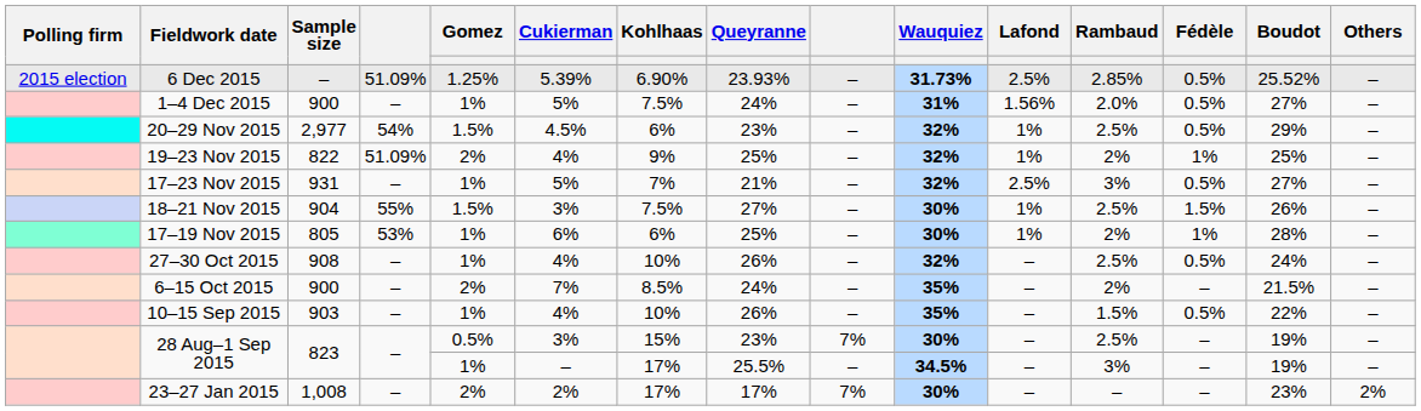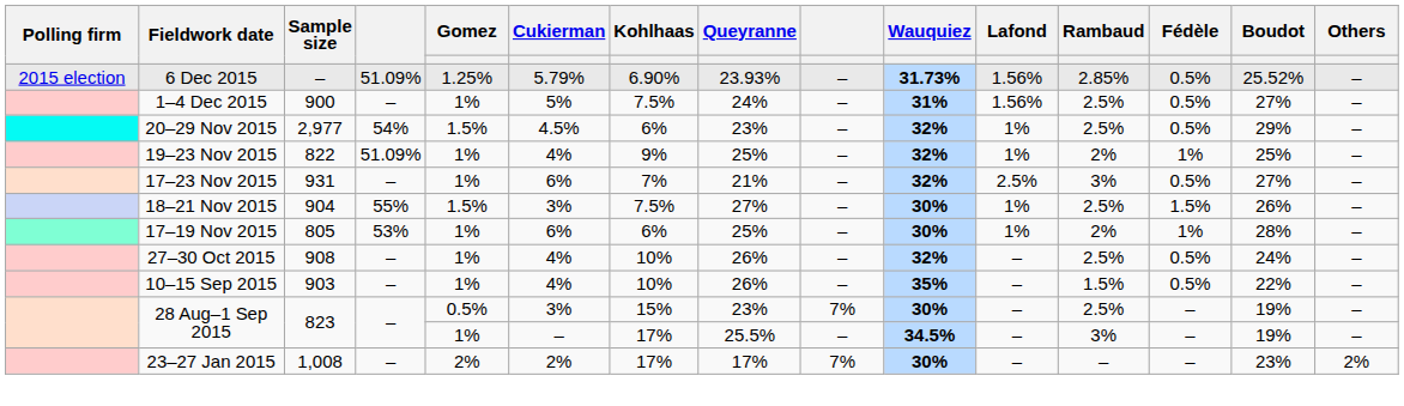 <table class="wikitable sortable" style="text-align:center;font-size:90%;line-height:14px;">
 <tr style="height:40px;">
 <th style="width:100px;" rowspan="2">Polling firm</th>
 <th style="width:110px;" rowspan="2">Fieldwork date</th>
 <th style="width:35px;" rowspan="2">Sample<br>size</th>
 <th style="width:30px;" rowspan="2"></th>
 <th class="unsortable" style="width:60px;">Gomez<br></th>
 <th class="unsortable" style="width:60px;"><a href='#'>Cukierman</a><br></th>
 <th class="unsortable" style="width:60px;">Kohlhaas<br></th>
 <th class="unsortable" style="width:60px;"><a href='#'>Queyranne</a><br></th>
 <th class="unsortable" style="width:60px;"></th>
 <th class="unsortable" style="width:60px;"><a href='#'>Wauquiez</a><br></th>
 <th class="unsortable" style="width:60px;">Lafond<br></th>
 <th class="unsortable" style="width:60px;">Rambaud<br></th>
 <th class="unsortable" style="width:60px;">Fédèle<br></th>
 <th class="unsortable" style="width:60px;">Boudot<br></th>
 <th class="unsortable" style="width:60px;">Others</th>
 </tr>
 <tr>
 <th style="background:"></th>
 <th style="background:"></th>
 <th style="background:"></th>
 <th style="background:"></th>
 <th style="background:"></th>
 <th style="background:"></th>
 <th style="background:"></th>
 <th style="background:"></th>
 <th style="background:"></th>
 <th style="background:"></th>
 <th style="background:"></th>
 </tr>
 <tr style="background:#E9E9E9;">
 <td><a href='#'>2015 election</a></td>
 <td data-sort-value="2015-12-06">6 Dec 2015</td>
 <td>–</td>
 <td>51.09%</td>
 <td>1.25%</td>
-<td>5.39%</td>
+<td>5.79%</td>
 <td>6.90%</td>
 <td>23.93%</td>
 <td>–</td>
 <td style="background:#B9DAFF;"><strong>31.73%</strong></td>
-<td>2.5%</td>
+<td>1.56%</td>
 <td>2.85%</td>
 <td>0.5%</td>
 <td>25.52%</td>
 <td>–</td>
 </tr>
 <tr>
 <td style="background:#FFCCCC;"></td>
 <td data-sort-value="2015-12-04">1–4 Dec 2015</td>
 <td>900</td>
 <td>–</td>
 <td>1%</td>
 <td>5%</td>
 <td>7.5%</td>
 <td>24%</td>
 <td>–</td>
 <td style="background:#B9DAFF;"><strong>31%</strong></td>
 <td>1.56%</td>
-<td>2.0%</td>
+<td>2.5%</td>
 <td>0.5%</td>
 <td>27%</td>
 <td>–</td>
 </tr>
 <tr>
 <td style="background:#04FBF4;"></td>
 <td data-sort-value="2015-11-29">20–29 Nov 2015</td>
 <td>2,977</td>
 <td>54%</td>
 <td>1.5%</td>
 <td>4.5%</td>
 <td>6%</td>
 <td>23%</td>
 <td>–</td>
 <td style="background:#B9DAFF;"><strong>32%</strong></td>
 <td>1%</td>
 <td>2.5%</td>
 <td>0.5%</td>
 <td>29%</td>
 <td>–</td>
 </tr>
 <tr>
 <td style="background:#FFCCCC;"></td>
 <td data-sort-value="2015-11-23">19–23 Nov 2015</td>
 <td>822</td>
 <td>51.09%</td>
-<td>2%</td>
+<td>1%</td>
 <td>4%</td>
 <td>9%</td>
 <td>25%</td>
 <td>–</td>
 <td style="background:#B9DAFF;"><strong>32%</strong></td>
 <td>1%</td>
 <td>2%</td>
 <td>1%</td>
 <td>25%</td>
 <td>–</td>
 </tr>
 <tr>
 <td style="background:#FFDFCC;"></td>
 <td data-sort-value="2015-11-23">17–23 Nov 2015</td>
 <td>931</td>
 <td>–</td>
 <td>1%</td>
-<td>5%</td>
+<td>6%</td>
 <td>7%</td>
 <td>21%</td>
 <td>–</td>
 <td style="background:#B9DAFF;"><strong>32%</strong></td>
 <td>2.5%</td>
 <td>3%</td>
 <td>0.5%</td>
 <td>27%</td>
 <td>–</td>
 </tr>
 <tr>
 <td style="background:#CAD5F7;"></td>
 <td data-sort-value="2015-11-21">18–21 Nov 2015</td>
 <td>904</td>
 <td>55%</td>
 <td>1.5%</td>
 <td>3%</td>
 <td>7.5%</td>
 <td>27%</td>
 <td>–</td>
 <td style="background:#B9DAFF;"><strong>30%</strong></td>
 <td>1%</td>
 <td>2.5%</td>
 <td>1.5%</td>
 <td>26%</td>
 <td>–</td>
 </tr>
 <tr>
 <td style="background:aquamarine;"></td>
 <td data-sort-value="2015-11-19">17–19 Nov 2015</td>
 <td>805</td>
 <td>53%</td>
 <td>1%</td>
 <td>6%</td>
 <td>6%</td>
 <td>25%</td>
 <td>–</td>
 <td style="background:#B9DAFF;"><strong>30%</strong></td>
 <td>1%</td>
 <td>2%</td>
 <td>1%</td>
 <td>28%</td>
 <td>–</td>
 </tr>
 <tr>
 <td style="background:#FFCCCC;"></td>
 <td data-sort-value="2015-10-30">27–30 Oct 2015</td>
 <td>908</td>
 <td>–</td>
 <td>1%</td>
 <td>4%</td>
 <td>10%</td>
 <td>26%</td>
 <td>–</td>
 <td style="background:#B9DAFF;"><strong>32%</strong></td>
 <td>–</td>
 <td>2.5%</td>
 <td>0.5%</td>
 <td>24%</td>
-<td>–</td>
-</tr>
-<tr>
-<td style="background:#FFDFCC;"></td>
-<td data-sort-value="2015-10-15">6–15 Oct 2015</td>
-<td>900</td>
-<td>–</td>
-<td>2%</td>
-<td>7%</td>
-<td>8.5%</td>
-<td>24%</td>
-<td>–</td>
-<td style="background:#B9DAFF;"><strong>35%</strong></td>
-<td>–</td>
-<td>2%</td>
-<td>–</td>
-<td>21.5%</td>
 <td>–</td>
 </tr>
 <tr>
 <td style="background:#FFCCCC;"></td>
 <td data-sort-value="2015-09-15">10–15 Sep 2015</td>
 <td>903</td>
 <td>–</td>
 <td>1%</td>
 <td>4%</td>
 <td>10%</td>
 <td>26%</td>
 <td>–</td>
 <td style="background:#B9DAFF;"><strong>35%</strong></td>
 <td>–</td>
 <td>1.5%</td>
 <td>0.5%</td>
 <td>22%</td>
 <td>–</td>
 </tr>
 <tr>
 <td rowspan="2" style="background:#FFDFCC;"></td>
 <td rowspan="2" data-sort-value="2015-09-01">28 Aug–1 Sep 2015</td>
 <td rowspan="2">823</td>
 <td rowspan="2">–</td>
 <td>0.5%</td>
 <td>3%</td>
 <td>15%</td>
 <td>23%</td>
 <td>7%</td>
 <td style="background:#B9DAFF;"><strong>30%</strong></td>
 <td>–</td>
 <td>2.5%</td>
 <td>–</td>
 <td>19%</td>
 <td>–</td>
 </tr>
 <tr>
 <td>1%</td>
 <td>–</td>
 <td>17%</td>
 <td>25.5%</td>
 <td>–</td>
 <td style="background:#B9DAFF;"><strong>34.5%</strong></td>
 <td>–</td>
 <td>3%</td>
 <td>–</td>
 <td>19%</td>
 <td>–</td>
 </tr>
 <tr>
 <td style="background:#FFCCCC;"></td>
 <td data-sort-value="2015-01-27">23–27 Jan 2015</td>
 <td>1,008</td>
 <td>–</td>
 <td>2%</td>
 <td>2%</td>
 <td>17%</td>
 <td>17%</td>
 <td>7%</td>
 <td style="background:#B9DAFF;"><strong>30%</strong></td>
 <td>–</td>
 <td>–</td>
 <td>–</td>
 <td>23%</td>
 <td>2%</td>
 </tr>
 </table>
